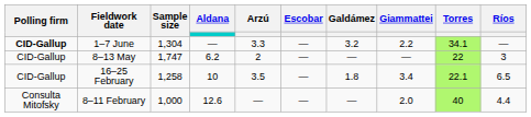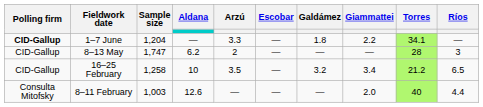 <table class="wikitable sortable" style="text-align:center;font-size:90%;line-height:14px;">
 <tr style="height:40px;">
 <th style="width:100px;" rowspan="2">Polling firm</th>
 <th style="width:100px;" rowspan="2">Fieldwork date</th>
 <th style="width:30px;" rowspan="2">Sample size</th>
 <th class="unsortable" style="width:60px;"><a href='#'>Aldana</a><br></th>
 <th class="unsortable" style="width:60px;">Arzú<br></th>
 <th class="unsortable" style="width:60px;"><a href='#'>Escobar</a><br></th>
 <th class="unsortable" style="width:60px;">Galdámez<br></th>
 <th class="unsortable" style="width:60px;"><a href='#'>Giammattei</a><br></th>
 <th class="unsortable" style="width:60px;"><a href='#'>Torres</a><br></th>
 <th class="unsortable" style="width:60px;"><a href='#'>Ríos</a><br></th>
 </tr>
 <tr>
 <th style="background:#00CCC9;"></th>
 <th style="background:"></th>
 <th style="background:"></th>
 <th style="background:"></th>
 <th style="background:"></th>
 <th style="background:"></th>
 <th style="background:"></th>
 </tr>
 <tr>
 <td><strong>CID-Gallup</strong></td>
 <td>1–7 June</td>
-<td>1,304</td>
+<td>1,204</td>
 <td>—</td>
 <td>3.3</td>
 <td>—</td>
-<td>3.2</td>
+<td>1.8</td>
 <td>2.2</td>
 <td style="background:#b0f76f;">34.1</td>
 <td>—</td>
 </tr>
 <tr>
 <td>CID-Gallup</td>
 <td>8–13 May</td>
 <td>1,747</td>
 <td>6.2</td>
 <td>2</td>
 <td>—</td>
 <td>—</td>
 <td>—</td>
-<td style="background:#b0f76f;">22</td>
+<td style="background:#b0f76f;">28</td>
 <td>3</td>
 </tr>
 <tr>
 <td>CID-Gallup</td>
 <td>16–25 February</td>
 <td>1,258</td>
 <td>10</td>
 <td>3.5</td>
 <td>—</td>
-<td>1.8</td>
+<td>3.2</td>
 <td>3.4</td>
-<td style="background:#b0f76f;">22.1</td>
+<td style="background:#b0f76f;">21.2</td>
 <td>6.5</td>
 </tr>
 <tr>
 <td>Consulta Mitofsky</td>
 <td>8–11 February</td>
-<td>1,000</td>
+<td>1,003</td>
 <td>12.6</td>
 <td>—</td>
 <td>—</td>
 <td>—</td>
 <td>2.0</td>
 <td style="background:#b0f76f;">40</td>
 <td>4.4</td>
 </tr>
 </table>
